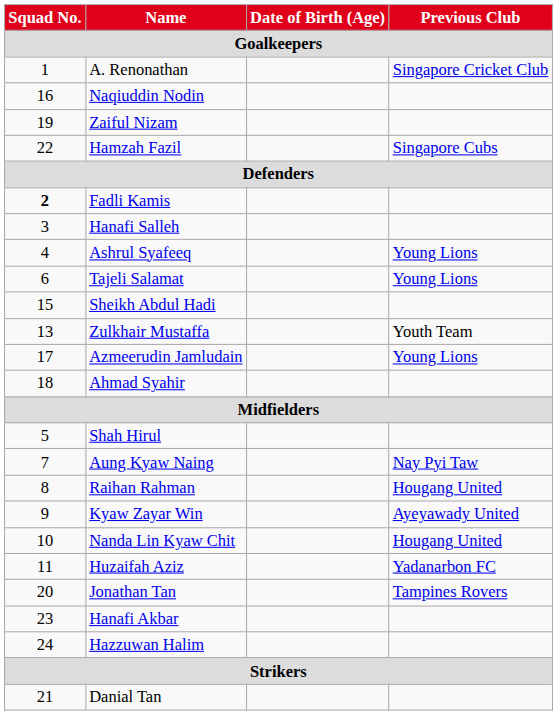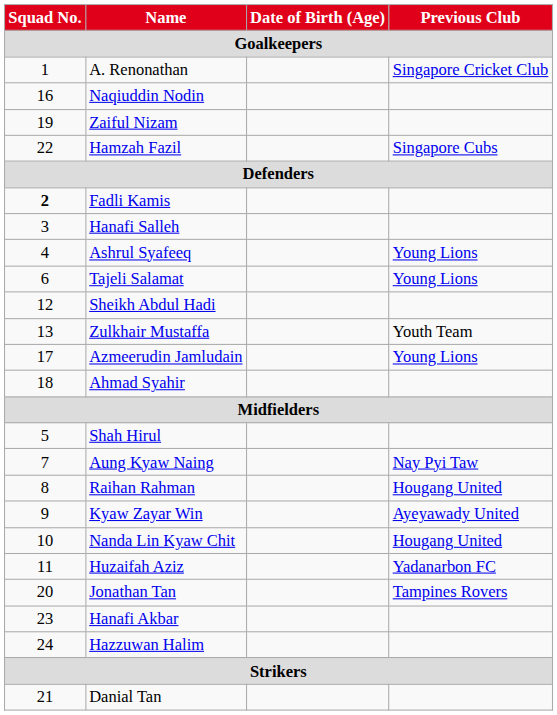 <table class="wikitable"  font-size:85%; width:80%;">
 <tr>
 <th style="background:#e1001a; color:white; text-align:center;">Squad No.</th>
 <th style="background:#e1001a; color:white; text-align:center;">Name</th>
 <th style="background:#e1001a; color:white; text-align:center;">Date of Birth (Age)</th>
 <th style="background:#e1001a; color:white; text-align:center;">Previous Club</th>
 </tr>
 <tr>
 <th colspan="6" style="background:#dcdcdc; text-align:center">Goalkeepers</th>
 </tr>
 <tr>
 <td style="text-align:center;">1</td>
 <td>A. Renonathan</td>
 <td></td>
 <td><a href='#'>Singapore Cricket Club</a></td>
 </tr>
 <tr>
 <td style="text-align:center;">16</td>
 <td><a href='#'>Naqiuddin Nodin</a></td>
 <td style="text-align:center;"></td>
 <td></td>
 </tr>
 <tr>
 <td style="text-align:center;">19</td>
 <td><a href='#'>Zaiful Nizam</a></td>
 <td style="text-align:center;"></td>
 <td></td>
 </tr>
 <tr>
 <td style="text-align:center;">22</td>
 <td><a href='#'>Hamzah Fazil</a></td>
 <td style="text-align:center;"></td>
 <td><a href='#'>Singapore Cubs</a></td>
 </tr>
 <tr>
 <th colspan="6" style="background:#dcdcdc; text-align:center">Defenders</th>
 </tr>
 <tr>
 <td style="text-align:center;"><strong>2</strong></td>
 <td><a href='#'>Fadli Kamis</a></td>
 <td style="text-align:center;"></td>
 <td></td>
 </tr>
 <tr>
 <td style="text-align:center;">3</td>
 <td><a href='#'>Hanafi Salleh</a></td>
 <td style="text-align:center;"></td>
 <td></td>
 </tr>
 <tr>
 <td style="text-align:center;">4</td>
 <td><a href='#'>Ashrul Syafeeq</a></td>
 <td style="text-align:center;"></td>
 <td> <a href='#'>Young Lions</a></td>
 </tr>
 <tr>
 <td style="text-align:center;">6</td>
 <td><a href='#'>Tajeli Salamat</a></td>
 <td style="text-align:center;"></td>
 <td> <a href='#'>Young Lions</a></td>
 </tr>
 <tr>
-<td style="text-align:center;">15</td>
+<td style="text-align:center;">12</td>
 <td><a href='#'>Sheikh Abdul Hadi</a></td>
 <td style="text-align:center;"></td>
 <td></td>
 </tr>
 <tr>
 <td style="text-align:center;">13</td>
 <td><a href='#'>Zulkhair Mustaffa</a></td>
 <td style="text-align:center;"></td>
 <td>Youth Team</td>
 </tr>
 <tr>
 <td style="text-align:center;">17</td>
 <td><a href='#'>Azmeerudin Jamludain</a></td>
 <td></td>
 <td> <a href='#'>Young Lions</a></td>
 </tr>
 <tr>
 <td style="text-align:center;">18</td>
 <td><a href='#'>Ahmad Syahir</a></td>
 <td style="text-align:center;"></td>
 <td></td>
 </tr>
 <tr>
 <th colspan="6" style="background:#dcdcdc; text-align:center">Midfielders</th>
 </tr>
 <tr>
 <td style="text-align:center;">5</td>
 <td><a href='#'>Shah Hirul</a></td>
 <td style="text-align:center;"></td>
 <td></td>
 </tr>
 <tr>
 <td style="text-align:center;">7</td>
 <td> <a href='#'>Aung Kyaw Naing</a></td>
 <td style="text-align:center;"></td>
 <td> <a href='#'>Nay Pyi Taw</a></td>
 </tr>
 <tr>
 <td style="text-align:center;">8</td>
 <td><a href='#'>Raihan Rahman</a></td>
 <td style="text-align:center;"></td>
 <td><a href='#'>Hougang United</a></td>
 </tr>
 <tr>
 <td style="text-align:center;">9</td>
 <td> <a href='#'>Kyaw Zayar Win</a></td>
 <td style="text-align:center;"></td>
 <td> <a href='#'>Ayeyawady United</a></td>
 </tr>
 <tr>
 <td style="text-align:center;">10</td>
 <td> <a href='#'>Nanda Lin Kyaw Chit</a></td>
 <td style="text-align:center;"></td>
 <td><a href='#'>Hougang United</a></td>
 </tr>
 <tr>
 <td style="text-align:center;">11</td>
 <td><a href='#'>Huzaifah Aziz</a></td>
 <td style="text-align:center;"></td>
 <td> <a href='#'>Yadanarbon FC</a></td>
 </tr>
 <tr>
 <td style="text-align:center;">20</td>
 <td><a href='#'>Jonathan Tan</a></td>
 <td style="text-align:center;"></td>
 <td><a href='#'>Tampines Rovers</a></td>
 </tr>
 <tr>
 <td style="text-align:center;">23</td>
 <td><a href='#'>Hanafi Akbar</a></td>
 <td style="text-align:center;"></td>
 <td></td>
 </tr>
 <tr>
 <td style="text-align:center;">24</td>
 <td><a href='#'>Hazzuwan Halim</a></td>
 <td style="text-align:center;"></td>
 <td></td>
 </tr>
 <tr>
 <th colspan="6" style="background:#dcdcdc; text-align:center">Strikers</th>
 </tr>
 <tr>
 <td style="text-align:center;">21</td>
 <td>Danial Tan</td>
 <td style="text-align:center;"></td>
 <td></td>
 </tr>
 </table>
